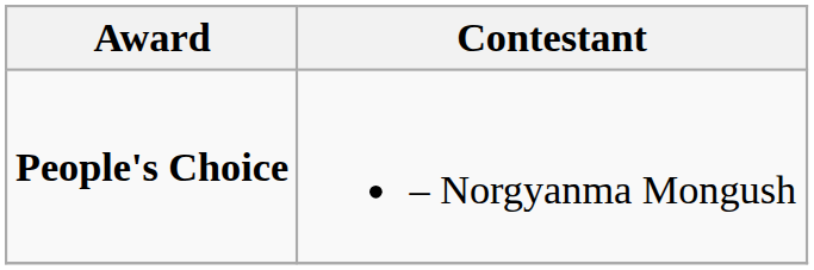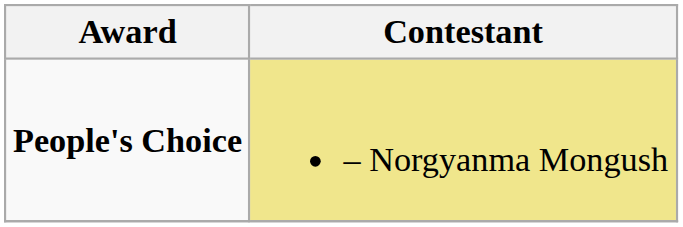 <table class="wikitable">
 <tr>
 <th>Award</th>
 <th>Contestant</th>
 </tr>
 <tr>
 <td><strong>People's Choice</strong></td>
-<td><br><ul><li><strong></strong> – Norgyanma Mongush</li></ul></td>
+<td style="background: khaki;"><br><ul><li><strong></strong> – Norgyanma Mongush</li></ul></td>
 </tr>
 <tr>
 </tr>
 </table>
